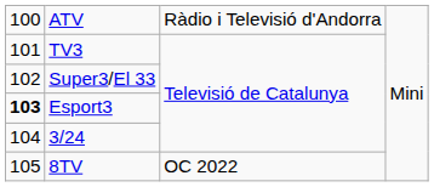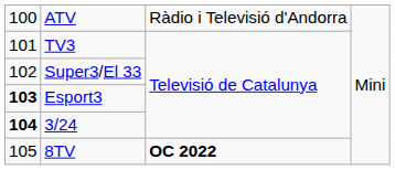 <table class="wikitable">
 <tr>
 <td>100</td>
 <td><a href='#'>ATV</a></td>
 <td>Ràdio i Televisió d'Andorra</td>
 <td rowspan="6">Mini</td>
 </tr>
 <tr>
 <td>101</td>
 <td><a href='#'>TV3</a></td>
 <td rowspan="4"><a href='#'>Televisió de Catalunya</a></td>
 </tr>
 <tr>
 <td>102</td>
 <td><a href='#'>Super3</a>/<a href='#'>El 33</a></td>
 </tr>
 <tr>
 <td><strong>103</strong></td>
 <td><a href='#'>Esport3</a></td>
 </tr>
 <tr>
-<td>104</td>
+<td><strong>104</strong></td>
 <td><a href='#'>3/24</a></td>
 </tr>
 <tr>
 <td>105</td>
 <td><a href='#'>8TV</a></td>
-<td>OC 2022</td>
+<td><strong>OC 2022</strong></td>
 </tr>
 </table>
